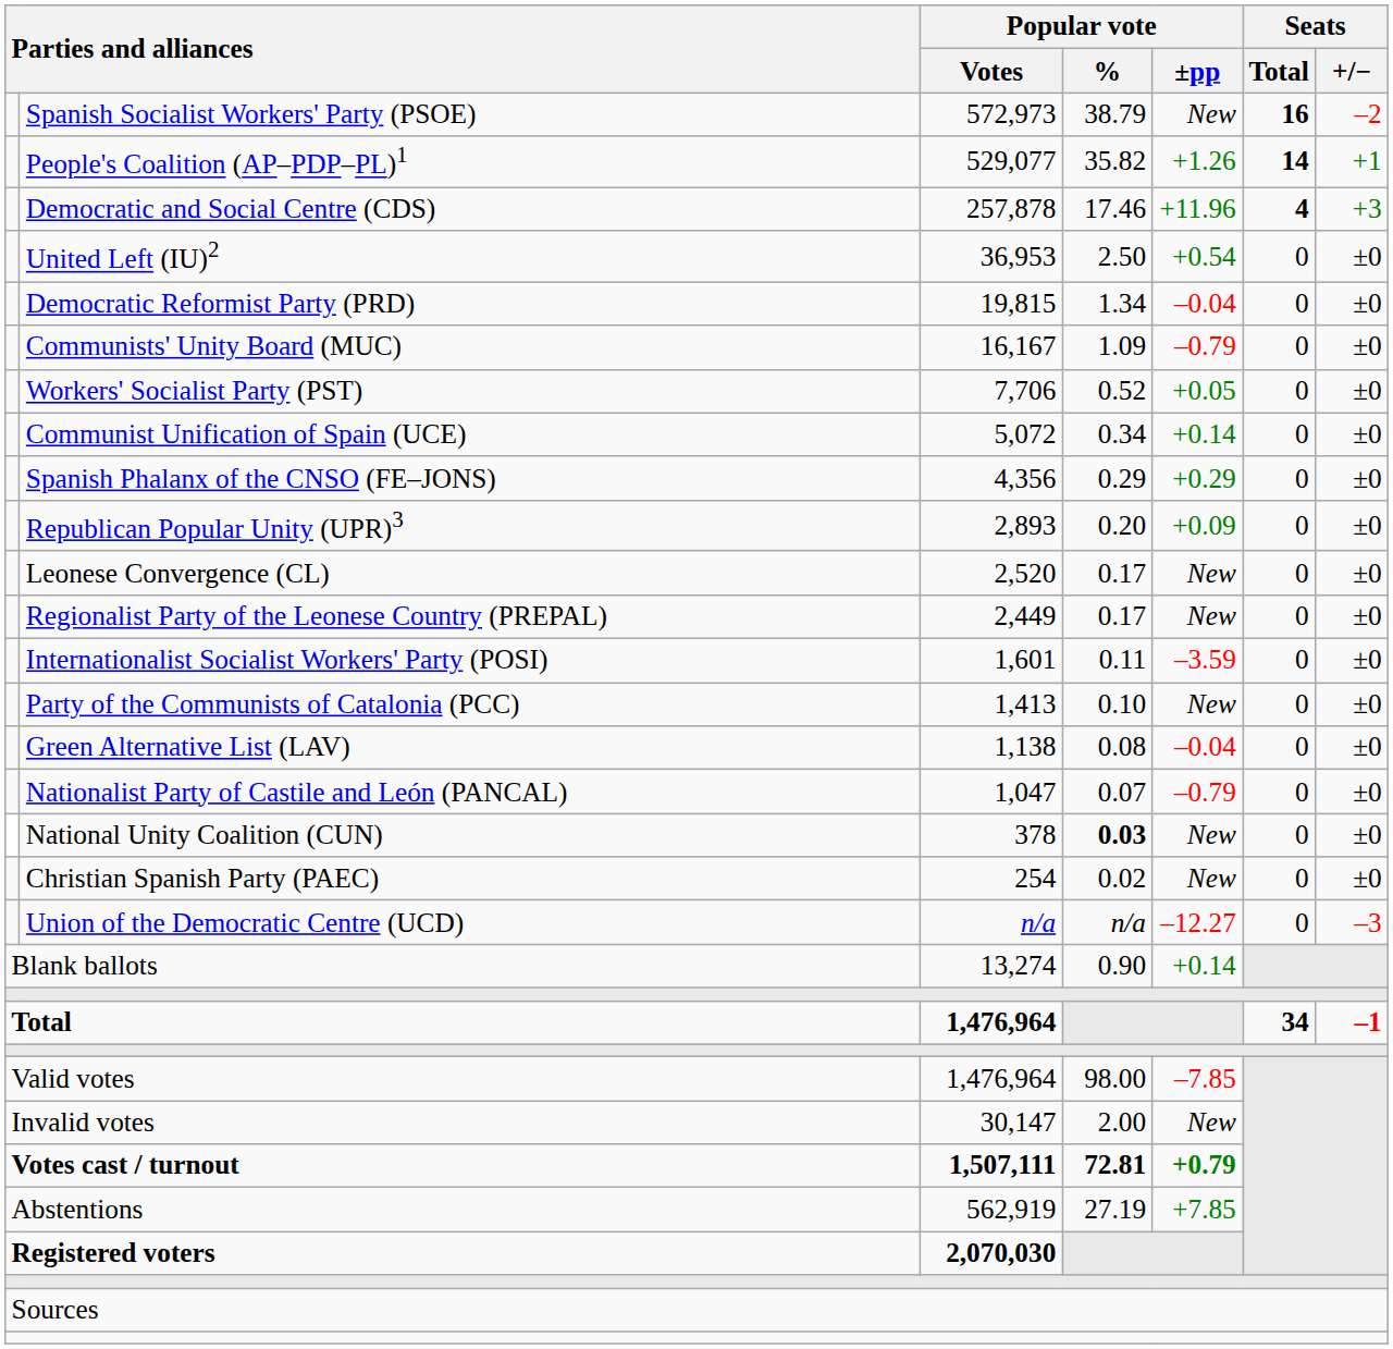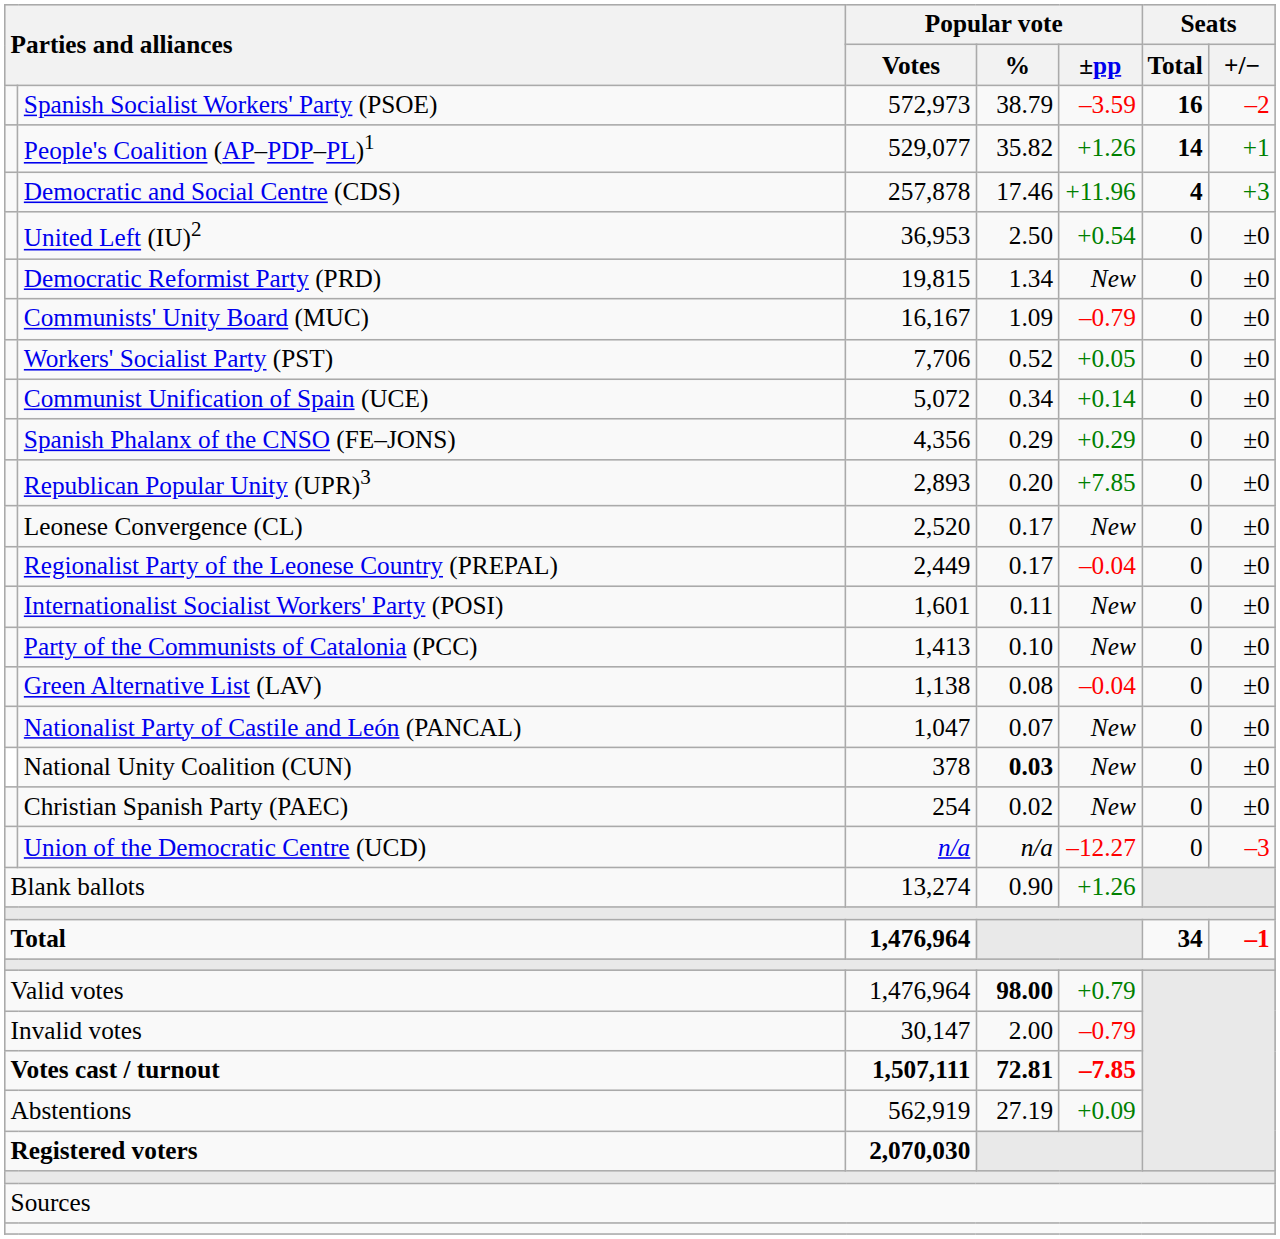 <table class="wikitable" style="text-align:right;">
 <tr>
 <th style="text-align:left;" rowspan="2" colspan="2" width="525">Parties and alliances</th>
 <th colspan="3">Popular vote</th>
 <th colspan="2">Seats</th>
 </tr>
 <tr>
 <th width="75">Votes</th>
 <th width="45">%</th>
 <th width="45">±<a href='#'>pp</a></th>
 <th width="35">Total</th>
 <th width="35">+/−</th>
 </tr>
 <tr>
 <td width="1" style="color:inherit;background:"></td>
 <td align="left"><a href='#'>Spanish Socialist Workers' Party</a> (PSOE)</td>
 <td>572,973</td>
 <td>38.79</td>
-<td><em>New</em></td>
+<td style="color:red;">–3.59</td>
 <td><strong>16</strong></td>
 <td style="color:red;">–2</td>
 </tr>
 <tr>
 <td style="color:inherit;background:"></td>
 <td align="left"><a href='#'>People's Coalition</a> (<a href='#'>AP</a>–<a href='#'>PDP</a>–<a href='#'>PL</a>)<sup>1</sup></td>
 <td>529,077</td>
 <td>35.82</td>
 <td style="color:green;">+1.26</td>
 <td><strong>14</strong></td>
 <td style="color:green;">+1</td>
 </tr>
 <tr>
 <td style="color:inherit;background:"></td>
 <td align="left"><a href='#'>Democratic and Social Centre</a> (CDS)</td>
 <td>257,878</td>
 <td>17.46</td>
 <td style="color:green;">+11.96</td>
 <td><strong>4</strong></td>
 <td style="color:green;">+3</td>
 </tr>
 <tr>
 <td style="color:inherit;background:"></td>
 <td align="left"><a href='#'>United Left</a> (IU)<sup>2</sup></td>
 <td>36,953</td>
 <td>2.50</td>
 <td style="color:green;">+0.54</td>
 <td>0</td>
 <td>±0</td>
 </tr>
 <tr>
 <td style="color:inherit;background:"></td>
 <td align="left"><a href='#'>Democratic Reformist Party</a> (PRD)</td>
 <td>19,815</td>
 <td>1.34</td>
-<td style="color:red;">–0.04</td>
+<td><em>New</em></td>
 <td>0</td>
 <td>±0</td>
 </tr>
 <tr>
 <td style="color:inherit;background:"></td>
 <td align="left"><a href='#'>Communists' Unity Board</a> (MUC)</td>
 <td>16,167</td>
 <td>1.09</td>
 <td style="color:red;">–0.79</td>
 <td>0</td>
 <td>±0</td>
 </tr>
 <tr>
 <td style="color:inherit;background:"></td>
 <td align="left"><a href='#'>Workers' Socialist Party</a> (PST)</td>
 <td>7,706</td>
 <td>0.52</td>
 <td style="color:green;">+0.05</td>
 <td>0</td>
 <td>±0</td>
 </tr>
 <tr>
 <td style="color:inherit;background:"></td>
 <td align="left"><a href='#'>Communist Unification of Spain</a> (UCE)</td>
 <td>5,072</td>
 <td>0.34</td>
 <td style="color:green;">+0.14</td>
 <td>0</td>
 <td>±0</td>
 </tr>
 <tr>
 <td style="color:inherit;background:"></td>
 <td align="left"><a href='#'>Spanish Phalanx of the CNSO</a> (FE–JONS)</td>
 <td>4,356</td>
 <td>0.29</td>
 <td style="color:green;">+0.29</td>
 <td>0</td>
 <td>±0</td>
 </tr>
 <tr>
 <td style="color:inherit;background:"></td>
 <td align="left"><a href='#'>Republican Popular Unity</a> (UPR)<sup>3</sup></td>
 <td>2,893</td>
 <td>0.20</td>
-<td style="color:green;">+0.09</td>
+<td style="color:green;">+7.85</td>
 <td>0</td>
 <td>±0</td>
 </tr>
 <tr>
 <td style="color:inherit;background:"></td>
 <td align="left">Leonese Convergence (CL)</td>
 <td>2,520</td>
 <td>0.17</td>
 <td><em>New</em></td>
 <td>0</td>
 <td>±0</td>
 </tr>
 <tr>
 <td style="color:inherit;background:"></td>
 <td align="left"><a href='#'>Regionalist Party of the Leonese Country</a> (PREPAL)</td>
 <td>2,449</td>
 <td>0.17</td>
-<td><em>New</em></td>
+<td style="color:red;">–0.04</td>
 <td>0</td>
 <td>±0</td>
 </tr>
 <tr>
 <td style="color:inherit;background:"></td>
 <td align="left"><a href='#'>Internationalist Socialist Workers' Party</a> (POSI)</td>
 <td>1,601</td>
 <td>0.11</td>
-<td style="color:red;">–3.59</td>
+<td><em>New</em></td>
 <td>0</td>
 <td>±0</td>
 </tr>
 <tr>
 <td style="color:inherit;background:"></td>
 <td align="left"><a href='#'>Party of the Communists of Catalonia</a> (PCC)</td>
 <td>1,413</td>
 <td>0.10</td>
 <td><em>New</em></td>
 <td>0</td>
 <td>±0</td>
 </tr>
 <tr>
 <td style="color:inherit;background:"></td>
 <td align="left"><a href='#'>Green Alternative List</a> (LAV)</td>
 <td>1,138</td>
 <td>0.08</td>
 <td style="color:red;">–0.04</td>
 <td>0</td>
 <td>±0</td>
 </tr>
 <tr>
 <td style="color:inherit;background:"></td>
 <td align="left"><a href='#'>Nationalist Party of Castile and León</a> (PANCAL)</td>
 <td>1,047</td>
 <td>0.07</td>
-<td style="color:red;">–0.79</td>
+<td><em>New</em></td>
 <td>0</td>
 <td>±0</td>
 </tr>
 <tr>
 <td bgcolor="white"></td>
 <td align="left">National Unity Coalition (CUN)</td>
 <td>378</td>
 <td><strong>0.03</strong></td>
 <td><em>New</em></td>
 <td>0</td>
 <td>±0</td>
 </tr>
 <tr>
 <td style="color:inherit;background:"></td>
 <td align="left">Christian Spanish Party (PAEC)</td>
 <td>254</td>
 <td>0.02</td>
 <td><em>New</em></td>
 <td>0</td>
 <td>±0</td>
 </tr>
 <tr>
 <td style="color:inherit;background:"></td>
 <td align="left"><a href='#'>Union of the Democratic Centre</a> (UCD)</td>
 <td><em><a href='#'>n/a</a></em></td>
 <td><em>n/a</em></td>
 <td style="color:red;">–12.27</td>
 <td>0</td>
 <td style="color:red;">–3</td>
 </tr>
 <tr>
 <td align="left" colspan="2">Blank ballots</td>
 <td>13,274</td>
 <td>0.90</td>
-<td style="color:green;">+0.14</td>
+<td style="color:green;">+1.26</td>
 <td bgcolor="#E9E9E9" colspan="2"></td>
 </tr>
 <tr>
 <td colspan="7" bgcolor="#E9E9E9"></td>
 </tr>
 <tr style="font-weight:bold;">
 <td align="left" colspan="2">Total</td>
 <td>1,476,964</td>
 <td bgcolor="#E9E9E9" colspan="2"></td>
 <td>34</td>
 <td style="color:red;">–1</td>
 </tr>
 <tr>
 <td colspan="7" bgcolor="#E9E9E9"></td>
 </tr>
 <tr>
 <td align="left" colspan="2">Valid votes</td>
 <td>1,476,964</td>
-<td>98.00</td>
-<td style="color:red;">–7.85</td>
+<td><strong>98.00</strong></td>
+<td style="color:green;">+0.79</td>
 <td bgcolor="#E9E9E9" colspan="2" rowspan="5"></td>
 </tr>
 <tr>
 <td align="left" colspan="2">Invalid votes</td>
 <td>30,147</td>
 <td>2.00</td>
-<td><em>New</em></td>
+<td style="color:red;">–0.79</td>
 </tr>
 <tr style="font-weight:bold;">
 <td align="left" colspan="2">Votes cast / turnout</td>
 <td>1,507,111</td>
 <td>72.81</td>
-<td style="color:green;">+0.79</td>
+<td style="color:red;">–7.85</td>
 </tr>
 <tr>
 <td align="left" colspan="2">Abstentions</td>
 <td>562,919</td>
 <td>27.19</td>
-<td style="color:green;">+7.85</td>
+<td style="color:green;">+0.09</td>
 </tr>
 <tr style="font-weight:bold;">
 <td align="left" colspan="2">Registered voters</td>
 <td>2,070,030</td>
 <td bgcolor="#E9E9E9" colspan="2"></td>
 </tr>
 <tr>
 <td colspan="7" bgcolor="#E9E9E9"></td>
 </tr>
 <tr>
 <td align="left" colspan="7">Sources</td>
 </tr>
 <tr>
 <td colspan="7" style="text-align:left; max-width:790px;"></td>
 </tr>
 </table>
